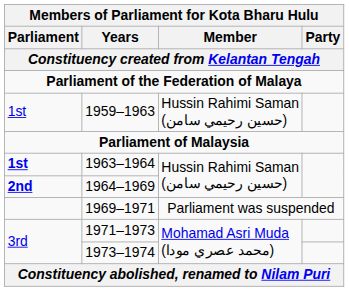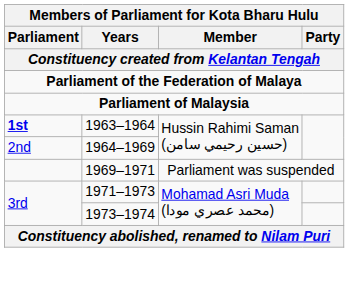 <table class=wikitable>
 <tr>
 <th colspan="4">Members of Parliament for Kota Bharu Hulu</th>
 </tr>
 <tr>
 <th>Parliament</th>
 <th>Years</th>
 <th>Member</th>
 <th>Party</th>
 </tr>
 <tr>
 <th colspan=4 align=center><em>Constituency created from <a href='#'>Kelantan Tengah</a></em></th>
 </tr>
 <tr>
 <td colspan=4 align=center><strong>Parliament of the Federation of Malaya</strong></td>
 </tr>
 <tr>
-<td><a href='#'>1st</a></td>
-<td>1959–1963</td>
-<td>Hussin Rahimi Saman <br>  (حسين رحيمي سامن)</td>
-<td></td>
-</tr>
-<tr>
 <td colspan=4 align=center><strong>Parliament of Malaysia</strong></td>
 </tr>
 <tr>
 <td><strong><a href='#'>1st</a></strong></td>
 <td>1963–1964</td>
 <td rowspan="2">Hussin Rahimi Saman  <br> (حسين رحيمي سامن)</td>
 <td rowspan=2></td>
 </tr>
 <tr>
-<td><strong><a href='#'>2nd</a></strong></td>
+<td><a href='#'>2nd</a></td>
 <td>1964–1969</td>
 </tr>
 <tr>
 <td></td>
 <td>1969–1971</td>
 <td colspan="2" align="center">Parliament was suspended</td>
 </tr>
 <tr>
 <td rowspan=2><a href='#'>3rd</a></td>
 <td>1971–1973</td>
 <td rowspan="2"><a href='#'>Mohamad Asri Muda</a>  <br> (محمد عصري مودا)</td>
 <td></td>
 </tr>
 <tr>
 <td>1973–1974</td>
 <td></td>
 </tr>
 <tr>
 <th colspan=4 align=center><em>Constituency abolished, renamed to <a href='#'>Nilam Puri</a></em></th>
 </tr>
 </table>
